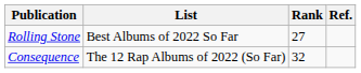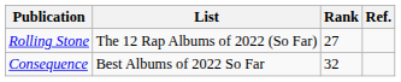 <table class="wikitable">
 <tr>
 <th>Publication</th>
 <th>List</th>
 <th>Rank</th>
 <th>Ref.</th>
 </tr>
 <tr>
 <td><em><a href='#'>Rolling Stone</a></em></td>
-<td Best Albums of 2022 So Far>Best Albums of 2022 So Far</td>
+<td>The 12 Rap Albums of 2022 (So Far)</td>
 <td>27</td>
 <td></td>
 </tr>
 <tr>
 <td><em><a href='#'>Consequence</a></em></td>
-<td>The 12 Rap Albums of 2022 (So Far)</td>
+<td Best Albums of 2022 So Far>Best Albums of 2022 So Far</td>
 <td>32</td>
 <td></td>
 </tr>
 </table>
